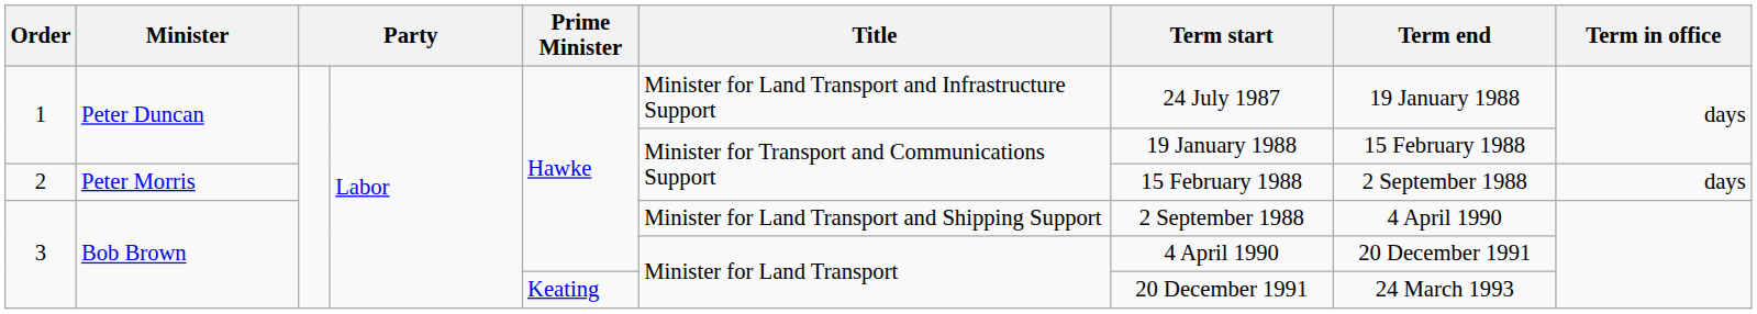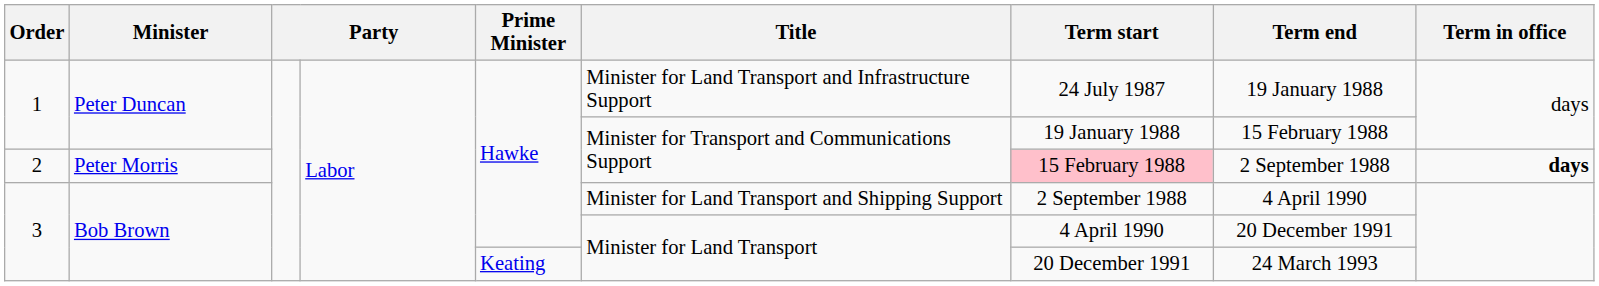 <table class="wikitable">
 <tr>
 <th width=5>Order</th>
 <th width=150>Minister</th>
 <th width=150 colspan="2">Party</th>
 <th width=75>Prime Minister</th>
 <th width=325>Title</th>
 <th width=150>Term start</th>
 <th width=150>Term end</th>
 <th width=130>Term in office</th>
 </tr>
 <tr>
 <td rowspan=2 align=center>1</td>
 <td rowspan=2><a href='#'>Peter Duncan</a></td>
 <td rowspan="6" ></td>
 <td rowspan=6><a href='#'>Labor</a></td>
 <td rowspan=5><a href='#'>Hawke</a></td>
 <td>Minister for Land Transport and Infrastructure Support</td>
 <td align=center>24 July 1987</td>
 <td align=center>19 January 1988</td>
 <td rowspan=2 align=right> days</td>
 </tr>
 <tr>
 <td rowspan=2>Minister for Transport and Communications Support</td>
 <td align=center>19 January 1988</td>
 <td align=center>15 February 1988</td>
 </tr>
 <tr>
 <td align=center>2</td>
 <td><a href='#'>Peter Morris</a></td>
-<td align=center>15 February 1988</td>
+<td align=center style="background: pink;">15 February 1988</td>
 <td align=center>2 September 1988</td>
-<td align=right> days</td>
+<td align=right><strong> days</strong></td>
 </tr>
 <tr>
 <td rowspan=3 align=center>3</td>
 <td rowspan=3><a href='#'>Bob Brown</a></td>
 <td>Minister for Land Transport and Shipping Support</td>
 <td align=center>2 September 1988</td>
 <td align=center>4 April 1990</td>
 <td rowspan=3 align=right><strong></strong></td>
 </tr>
 <tr>
 <td rowspan=2>Minister for Land Transport</td>
 <td align=center>4 April 1990</td>
 <td align=center>20 December 1991</td>
 </tr>
 <tr>
 <td><a href='#'>Keating</a></td>
 <td align=center>20 December 1991</td>
 <td align=center>24 March 1993</td>
 </tr>
 </table>
